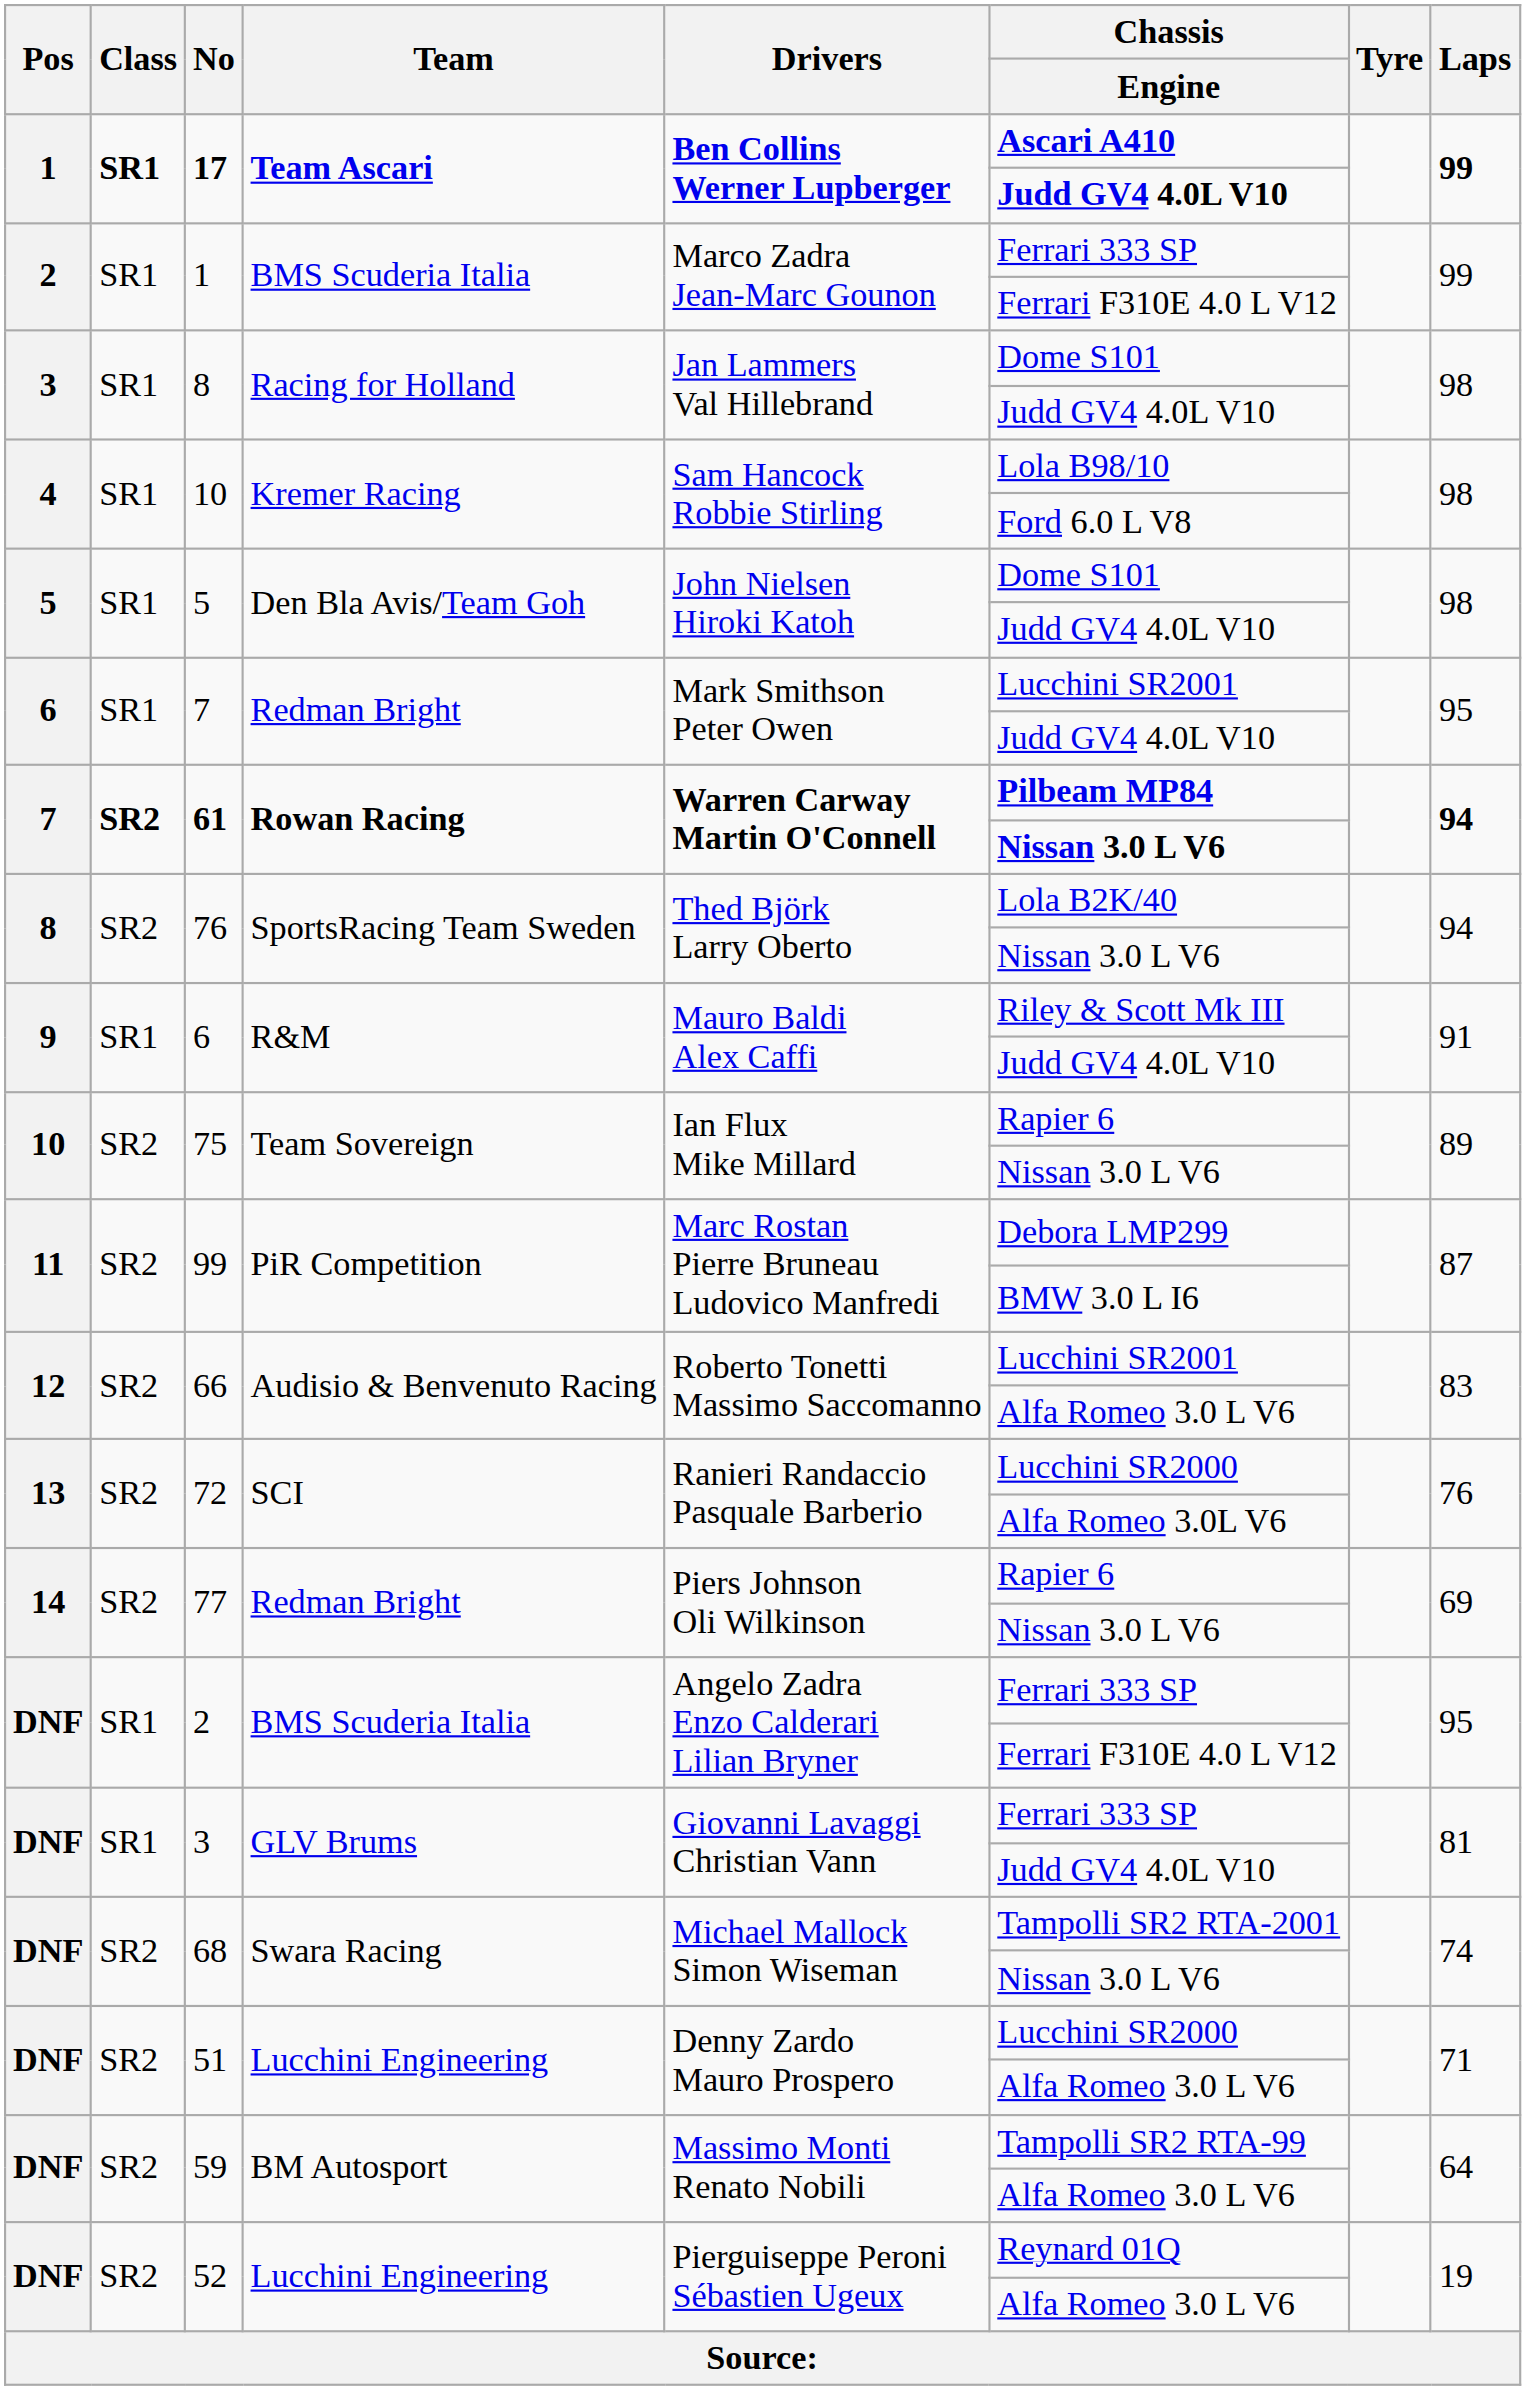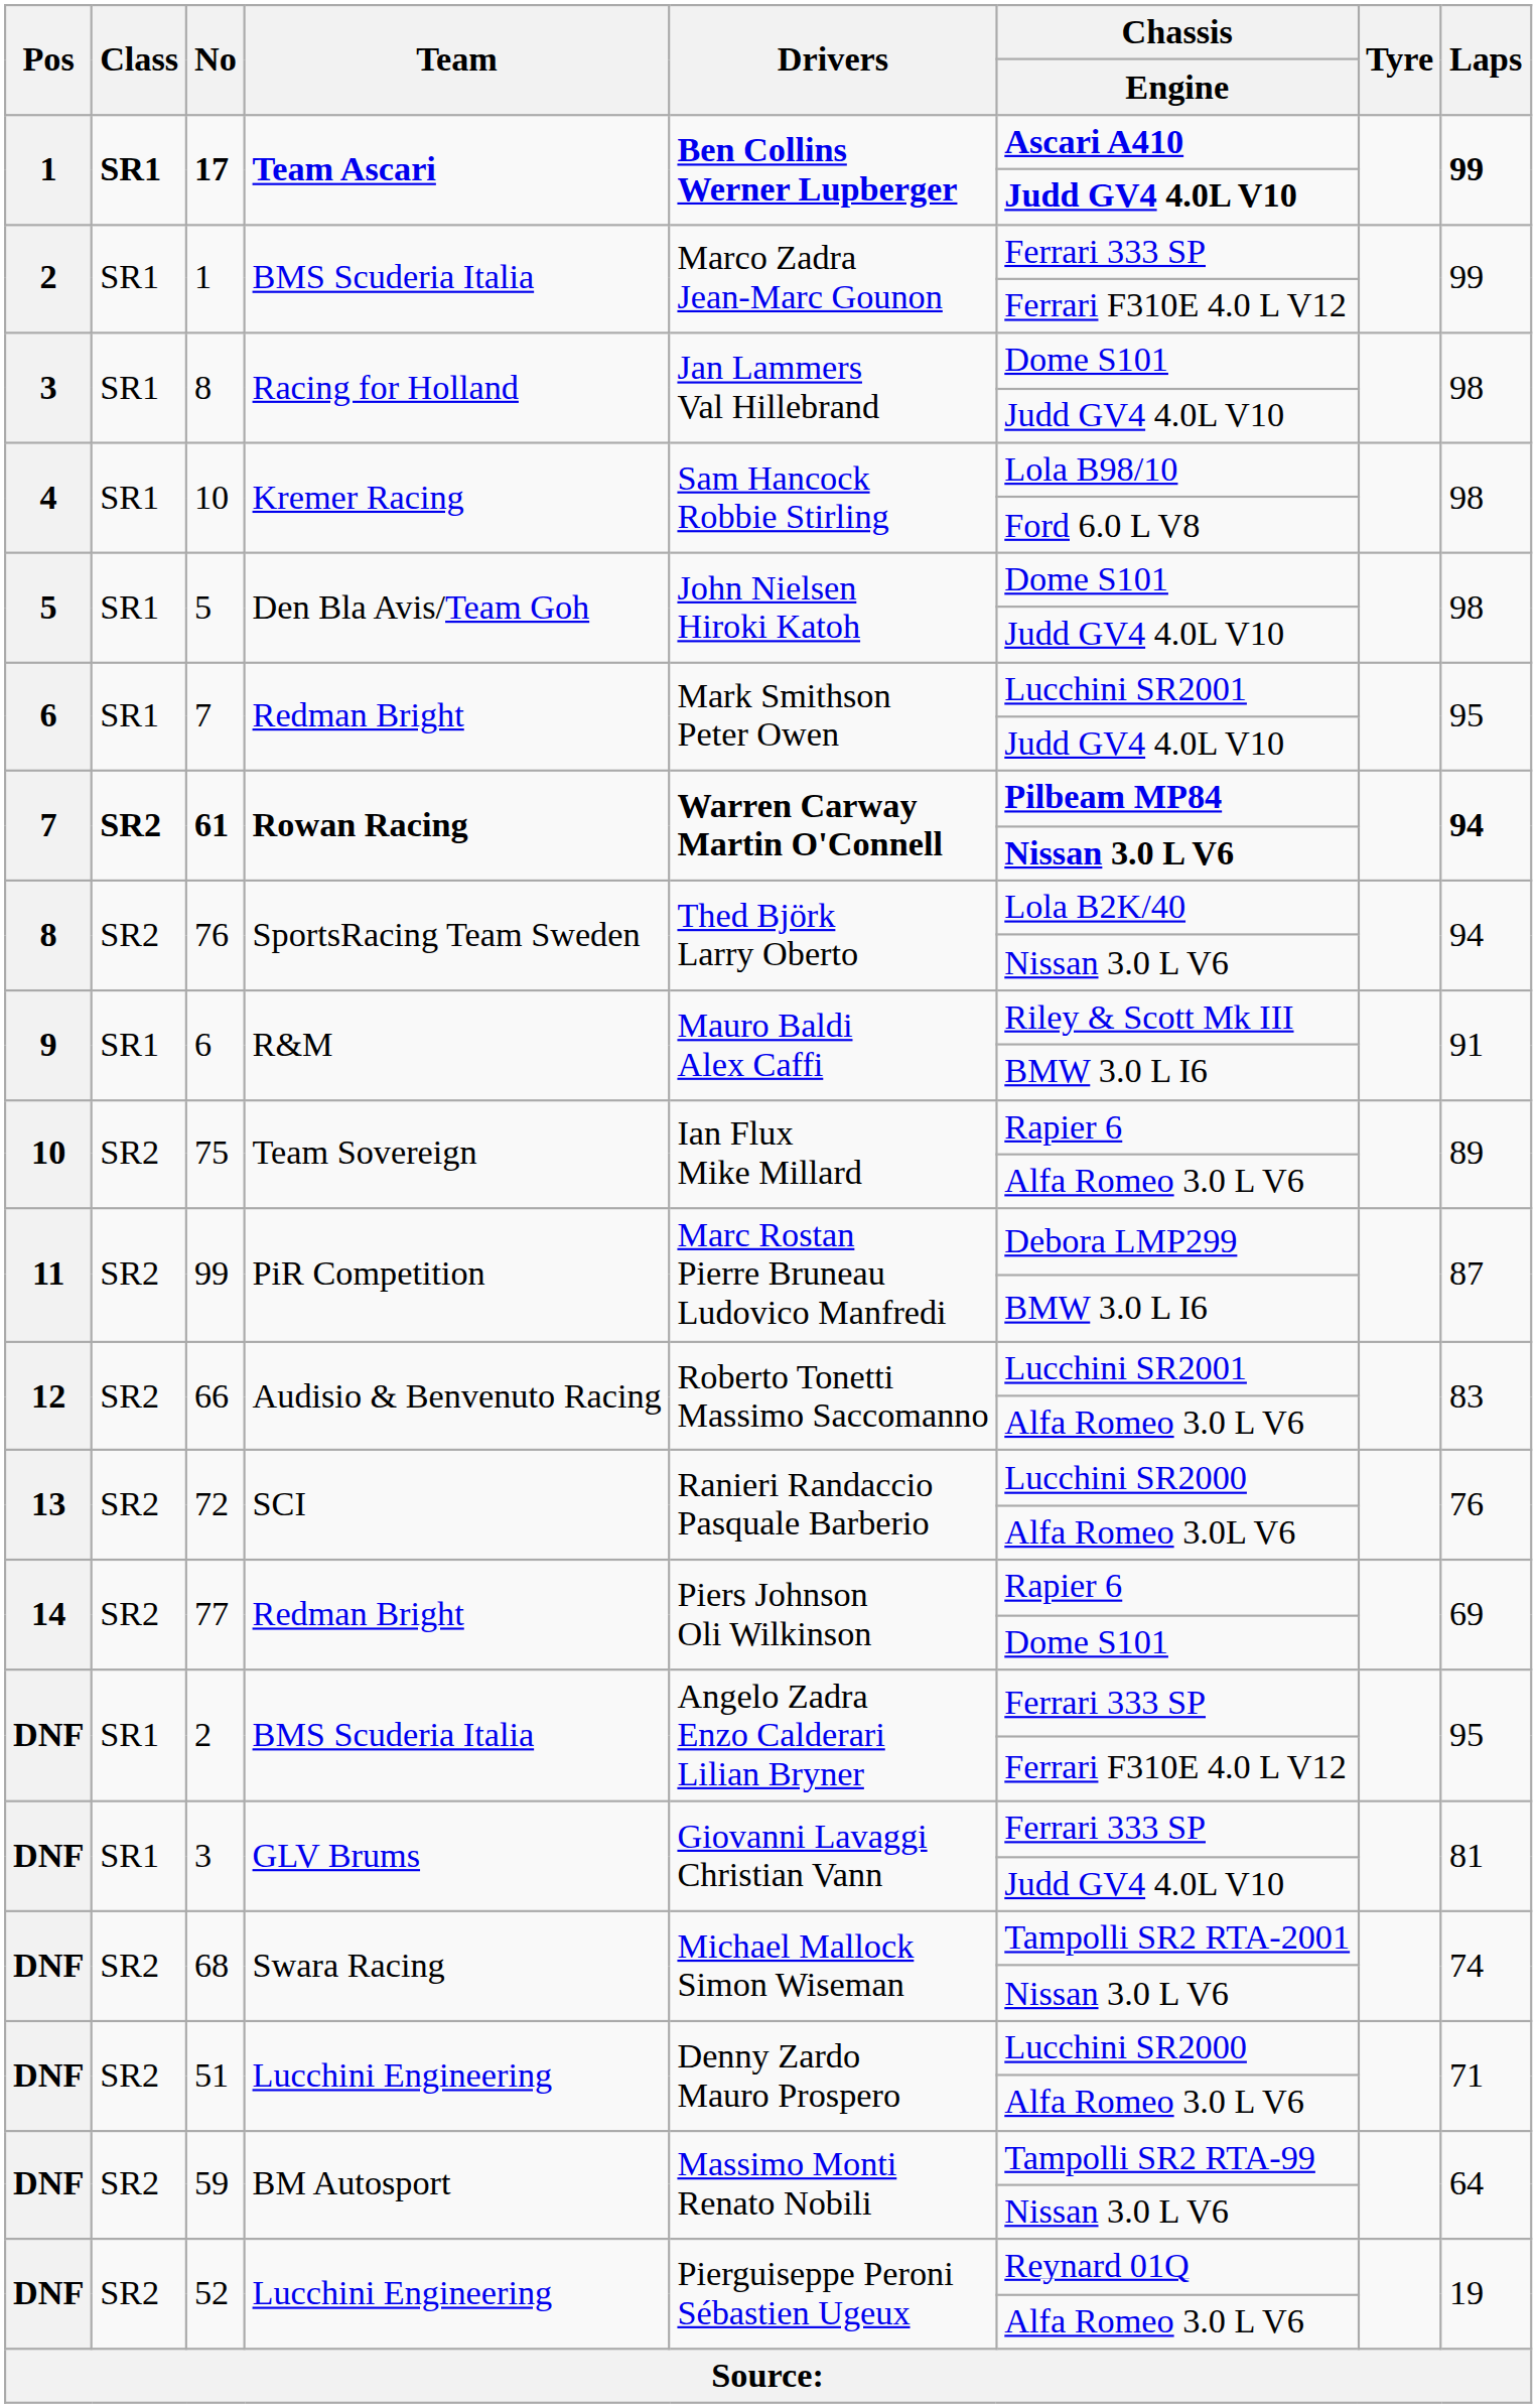 <table class="wikitable">
 <tr>
 <th rowspan="2">Pos</th>
 <th rowspan="2">Class</th>
 <th rowspan="2">No</th>
 <th rowspan="2">Team</th>
 <th rowspan="2">Drivers</th>
 <th>Chassis</th>
 <th rowspan="2">Tyre</th>
 <th rowspan="2">Laps</th>
 </tr>
 <tr>
 <th>Engine</th>
 </tr>
 <tr>
 <th rowspan="2">1</th>
 <td rowspan="2"><strong>SR1</strong></td>
 <td rowspan="2"><strong>17</strong></td>
 <td rowspan="2"><strong> <a href='#'>Team Ascari</a></strong></td>
 <td rowspan="2"><strong> <a href='#'>Ben Collins</a><br> <a href='#'>Werner Lupberger</a></strong></td>
 <td><strong><a href='#'>Ascari A410</a></strong></td>
 <td rowspan="2"></td>
 <td rowspan="2"><strong>99</strong></td>
 </tr>
 <tr>
 <td><strong><a href='#'>Judd GV4</a> 4.0L V10</strong></td>
 </tr>
 <tr>
 <th rowspan="2">2</th>
 <td rowspan="2">SR1</td>
 <td rowspan="2">1</td>
 <td rowspan="2"> <a href='#'>BMS Scuderia Italia</a></td>
 <td rowspan="2"> Marco Zadra<br> <a href='#'>Jean-Marc Gounon</a></td>
 <td><a href='#'>Ferrari 333 SP</a></td>
 <td rowspan="2"></td>
 <td rowspan="2">99</td>
 </tr>
 <tr>
 <td><a href='#'>Ferrari</a> F310E 4.0 L V12</td>
 </tr>
 <tr>
 <th rowspan="2">3</th>
 <td rowspan="2">SR1</td>
 <td rowspan="2">8</td>
 <td rowspan="2"> <a href='#'>Racing for Holland</a></td>
 <td rowspan="2"> <a href='#'>Jan Lammers</a><br> Val Hillebrand</td>
 <td><a href='#'>Dome S101</a></td>
 <td rowspan="2"></td>
 <td rowspan="2">98</td>
 </tr>
 <tr>
 <td><a href='#'>Judd GV4</a> 4.0L V10</td>
 </tr>
 <tr>
 <th rowspan="2">4</th>
 <td rowspan="2">SR1</td>
 <td rowspan="2">10</td>
 <td rowspan="2"> <a href='#'>Kremer Racing</a></td>
 <td rowspan="2"> <a href='#'>Sam Hancock</a><br> <a href='#'>Robbie Stirling</a></td>
 <td><a href='#'>Lola B98/10</a></td>
 <td rowspan="2"></td>
 <td rowspan="2">98</td>
 </tr>
 <tr>
 <td><a href='#'>Ford</a> 6.0 L V8</td>
 </tr>
 <tr>
 <th rowspan="2">5</th>
 <td rowspan="2">SR1</td>
 <td rowspan="2">5</td>
 <td rowspan="2"> Den Bla Avis/<a href='#'>Team Goh</a></td>
 <td rowspan="2"> <a href='#'>John Nielsen</a><br> <a href='#'>Hiroki Katoh</a></td>
 <td><a href='#'>Dome S101</a></td>
 <td rowspan="2"></td>
 <td rowspan="2">98</td>
 </tr>
 <tr>
 <td><a href='#'>Judd GV4</a> 4.0L V10</td>
 </tr>
 <tr>
 <th rowspan="2">6</th>
 <td rowspan="2">SR1</td>
 <td rowspan="2">7</td>
 <td rowspan="2"> <a href='#'>Redman Bright</a></td>
 <td rowspan="2"> Mark Smithson<br> Peter Owen</td>
 <td><a href='#'>Lucchini SR2001</a></td>
 <td rowspan="2"></td>
 <td rowspan="2">95</td>
 </tr>
 <tr>
 <td><a href='#'>Judd GV4</a> 4.0L V10</td>
 </tr>
 <tr>
 <th rowspan="2">7</th>
 <td rowspan="2"><strong>SR2</strong></td>
 <td rowspan="2"><strong>61</strong></td>
 <td rowspan="2"><strong> Rowan Racing</strong></td>
 <td rowspan="2"><strong> Warren Carway<br> Martin O'Connell</strong></td>
 <td><a href='#'><strong>Pilbeam MP84</strong></a></td>
 <td rowspan="2"></td>
 <td rowspan="2"><strong>94</strong></td>
 </tr>
 <tr>
 <td><strong><a href='#'>Nissan</a> 3.0 L V6</strong></td>
 </tr>
 <tr>
 <th rowspan="2">8</th>
 <td rowspan="2">SR2</td>
 <td rowspan="2">76</td>
 <td rowspan="2"> SportsRacing Team Sweden</td>
 <td rowspan="2"> <a href='#'>Thed Björk</a><br> Larry Oberto</td>
 <td><a href='#'>Lola B2K/40</a></td>
 <td rowspan="2"></td>
 <td rowspan="2">94</td>
 </tr>
 <tr>
 <td><a href='#'>Nissan</a> 3.0 L V6</td>
 </tr>
 <tr>
 <th rowspan="2">9</th>
 <td rowspan="2">SR1</td>
 <td rowspan="2">6</td>
 <td rowspan="2"> R&M</td>
 <td rowspan="2"> <a href='#'>Mauro Baldi</a><br> <a href='#'>Alex Caffi</a></td>
 <td><a href='#'>Riley & Scott Mk III</a></td>
 <td rowspan="2"></td>
 <td rowspan="2">91</td>
 </tr>
 <tr>
-<td><a href='#'>Judd GV4</a> 4.0L V10</td>
+<td><a href='#'>BMW</a> 3.0 L I6</td>
 </tr>
 <tr>
 <th rowspan="2">10</th>
 <td rowspan="2">SR2</td>
 <td rowspan="2">75</td>
 <td rowspan="2"> Team Sovereign</td>
 <td rowspan="2"> Ian Flux<br> Mike Millard</td>
 <td><a href='#'>Rapier 6</a></td>
 <td rowspan="2"></td>
 <td rowspan="2">89</td>
 </tr>
 <tr>
-<td><a href='#'>Nissan</a> 3.0 L V6</td>
+<td><a href='#'>Alfa Romeo</a> 3.0 L V6</td>
 </tr>
 <tr>
 <th rowspan="2">11</th>
 <td rowspan="2">SR2</td>
 <td rowspan="2">99</td>
 <td rowspan="2"> PiR Competition</td>
 <td rowspan="2"> <a href='#'>Marc Rostan</a><br> Pierre Bruneau<br> Ludovico Manfredi</td>
 <td><a href='#'>Debora LMP299</a></td>
 <td rowspan="2"></td>
 <td rowspan="2">87</td>
 </tr>
 <tr>
 <td><a href='#'>BMW</a> 3.0 L I6</td>
 </tr>
 <tr>
 <th rowspan="2">12</th>
 <td rowspan="2">SR2</td>
 <td rowspan="2">66</td>
 <td rowspan="2"> Audisio & Benvenuto Racing</td>
 <td rowspan="2"> Roberto Tonetti<br> Massimo Saccomanno</td>
 <td><a href='#'>Lucchini SR2001</a></td>
 <td rowspan="2"></td>
 <td rowspan="2">83</td>
 </tr>
 <tr>
 <td><a href='#'>Alfa Romeo</a> 3.0 L V6</td>
 </tr>
 <tr>
 <th rowspan="2">13</th>
 <td rowspan="2">SR2</td>
 <td rowspan="2">72</td>
 <td rowspan="2"> SCI</td>
 <td rowspan="2"> Ranieri Randaccio<br> Pasquale Barberio</td>
 <td><a href='#'>Lucchini SR2000</a></td>
 <td rowspan="2"></td>
 <td rowspan="2">76</td>
 </tr>
 <tr>
 <td><a href='#'>Alfa Romeo</a> 3.0L V6</td>
 </tr>
 <tr>
 <th rowspan="2">14</th>
 <td rowspan="2">SR2</td>
 <td rowspan="2">77</td>
 <td rowspan="2"> <a href='#'>Redman Bright</a></td>
 <td rowspan="2"> Piers Johnson<br> Oli Wilkinson</td>
 <td><a href='#'>Rapier 6</a></td>
 <td rowspan="2"></td>
 <td rowspan="2">69</td>
 </tr>
 <tr>
-<td><a href='#'>Nissan</a> 3.0 L V6</td>
+<td><a href='#'>Dome S101</a></td>
 </tr>
 <tr>
 <th rowspan="2">DNF</th>
 <td rowspan="2">SR1</td>
 <td rowspan="2">2</td>
 <td rowspan="2"> <a href='#'>BMS Scuderia Italia</a></td>
 <td rowspan="2"> Angelo Zadra<br> <a href='#'>Enzo Calderari</a><br> <a href='#'>Lilian Bryner</a></td>
 <td><a href='#'>Ferrari 333 SP</a></td>
 <td rowspan="2"></td>
 <td rowspan="2">95</td>
 </tr>
 <tr>
 <td><a href='#'>Ferrari</a> F310E 4.0 L V12</td>
 </tr>
 <tr>
 <th rowspan="2">DNF</th>
 <td rowspan="2">SR1</td>
 <td rowspan="2">3</td>
 <td rowspan="2"> <a href='#'>GLV Brums</a></td>
 <td rowspan="2"> <a href='#'>Giovanni Lavaggi</a><br> Christian Vann</td>
 <td><a href='#'>Ferrari 333 SP</a></td>
 <td rowspan="2"></td>
 <td rowspan="2">81</td>
 </tr>
 <tr>
 <td><a href='#'>Judd GV4</a> 4.0L V10</td>
 </tr>
 <tr>
 <th rowspan="2">DNF</th>
 <td rowspan="2">SR2</td>
 <td rowspan="2">68</td>
 <td rowspan="2"> Swara Racing</td>
 <td rowspan="2"> <a href='#'>Michael Mallock</a><br> Simon Wiseman</td>
 <td><a href='#'>Tampolli SR2 RTA-2001</a></td>
 <td rowspan="2"></td>
 <td rowspan="2">74</td>
 </tr>
 <tr>
 <td><a href='#'>Nissan</a> 3.0 L V6</td>
 </tr>
 <tr>
 <th rowspan="2">DNF</th>
 <td rowspan="2">SR2</td>
 <td rowspan="2">51</td>
 <td rowspan="2"> <a href='#'>Lucchini Engineering</a></td>
 <td rowspan="2"> Denny Zardo<br> Mauro Prospero</td>
 <td><a href='#'>Lucchini SR2000</a></td>
 <td rowspan="2"></td>
 <td rowspan="2">71</td>
 </tr>
 <tr>
 <td><a href='#'>Alfa Romeo</a> 3.0 L V6</td>
 </tr>
 <tr>
 <th rowspan="2">DNF</th>
 <td rowspan="2">SR2</td>
 <td rowspan="2">59</td>
 <td rowspan="2"> BM Autosport</td>
 <td rowspan="2"> <a href='#'>Massimo Monti</a><br> Renato Nobili</td>
 <td><a href='#'>Tampolli SR2 RTA-99</a></td>
 <td rowspan="2"></td>
 <td rowspan="2">64</td>
 </tr>
 <tr>
-<td><a href='#'>Alfa Romeo</a> 3.0 L V6</td>
+<td><a href='#'>Nissan</a> 3.0 L V6</td>
 </tr>
 <tr>
 <th rowspan="2">DNF</th>
 <td rowspan="2">SR2</td>
 <td rowspan="2">52</td>
 <td rowspan="2"> <a href='#'>Lucchini Engineering</a></td>
 <td rowspan="2"> Pierguiseppe Peroni<br> <a href='#'>Sébastien Ugeux</a></td>
 <td><a href='#'>Reynard 01Q</a></td>
 <td rowspan="2"></td>
 <td rowspan="2">19</td>
 </tr>
 <tr>
 <td><a href='#'>Alfa Romeo</a> 3.0 L V6</td>
 </tr>
 <tr>
 <th colspan="8">Source:</th>
 </tr>
 </table>
